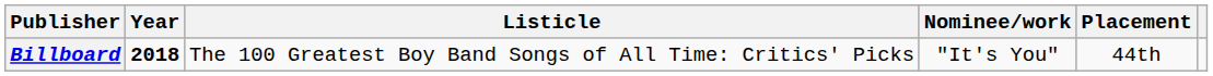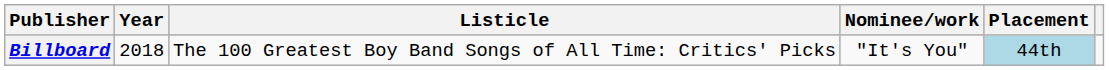 <table class="wikitable plainrowheaders sortable">
 <tr>
 <th scope="col">Publisher</th>
 <th scope="col">Year</th>
 <th scope="col">Listicle</th>
 <th scope="col">Nominee/work</th>
 <th scope="col">Placement</th>
 <th scope="col" class="unsortable"></th>
 </tr>
 <tr>
 <th scope="row"><em><a href='#'>Billboard</a></em></th>
-<td><strong>2018</strong></td>
+<td>2018</td>
 <td>The 100 Greatest Boy Band Songs of All Time: Critics' Picks</td>
 <td style="text-align:center;">"It's You"</td>
-<td style="text-align:center;">44th</td>
+<td style="background: lightblue; text-align:center;">44th</td>
 <td style="text-align:center;"></td>
 </tr>
 </table>
